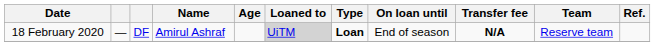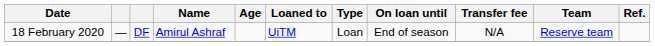 <table class="wikitable sortable" style="width:70%; text-align:center; font-size:100%; text-align:centre;">
 <tr>
 <th>Date</th>
 <th></th>
 <th></th>
 <th>Name</th>
 <th>Age</th>
 <th>Loaned to</th>
 <th>Type</th>
 <th>On loan until</th>
 <th>Transfer fee</th>
 <th>Team</th>
 <th>Ref.</th>
 </tr>
 <tr>
 <td>18 February 2020</td>
 <td>—</td>
 <td><a href='#'>DF</a></td>
 <td style="text-align:left"> <a href='#'>Amirul Ashraf</a></td>
 <td></td>
-<td style="background: lightgrey; text-align:left"> <a href='#'>UiTM</a></td>
-<td><strong>Loan</strong></td>
+<td style="text-align:left"> <a href='#'>UiTM</a></td>
+<td>Loan</td>
 <td>End of season</td>
-<td><strong>N/A</strong></td>
+<td>N/A</td>
 <td><a href='#'>Reserve team</a></td>
 <td></td>
 </tr>
 <tr>
 </tr>
 </table>
